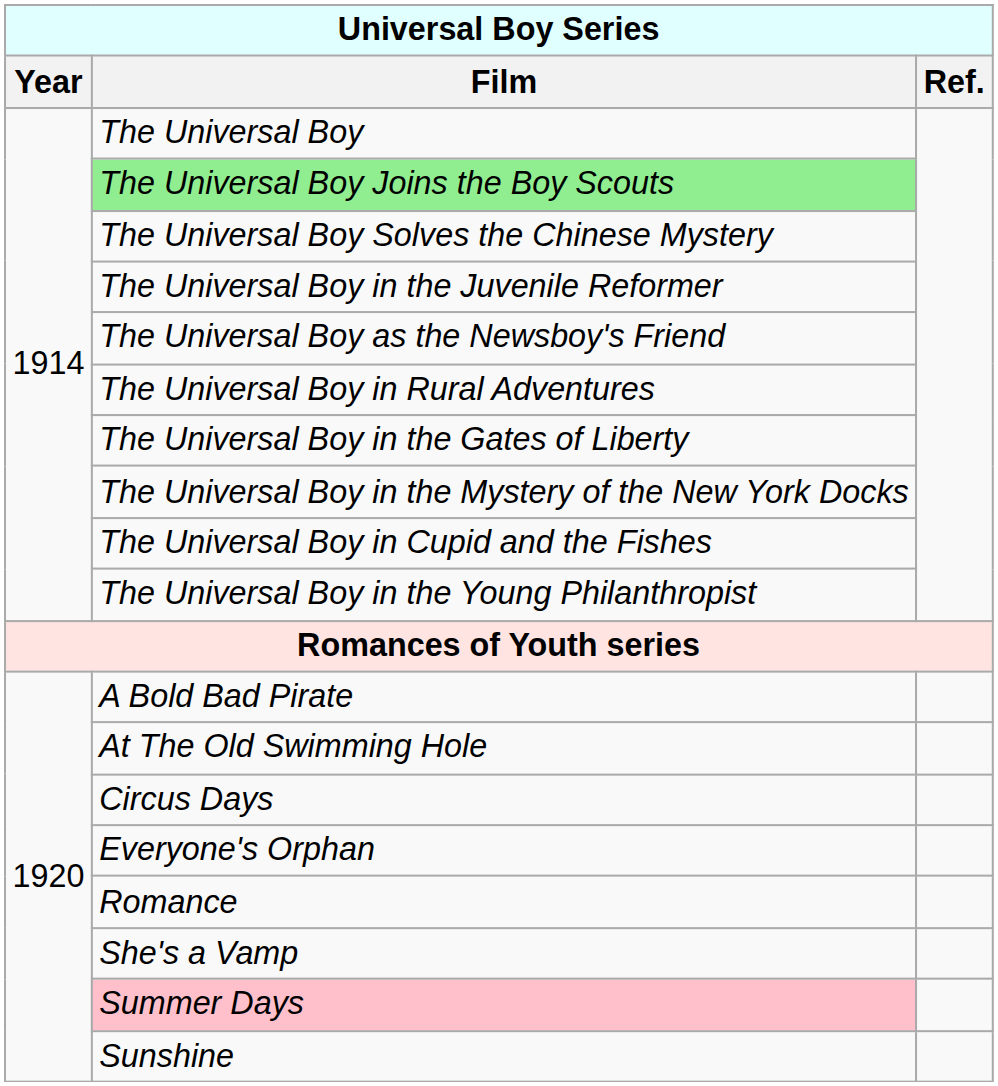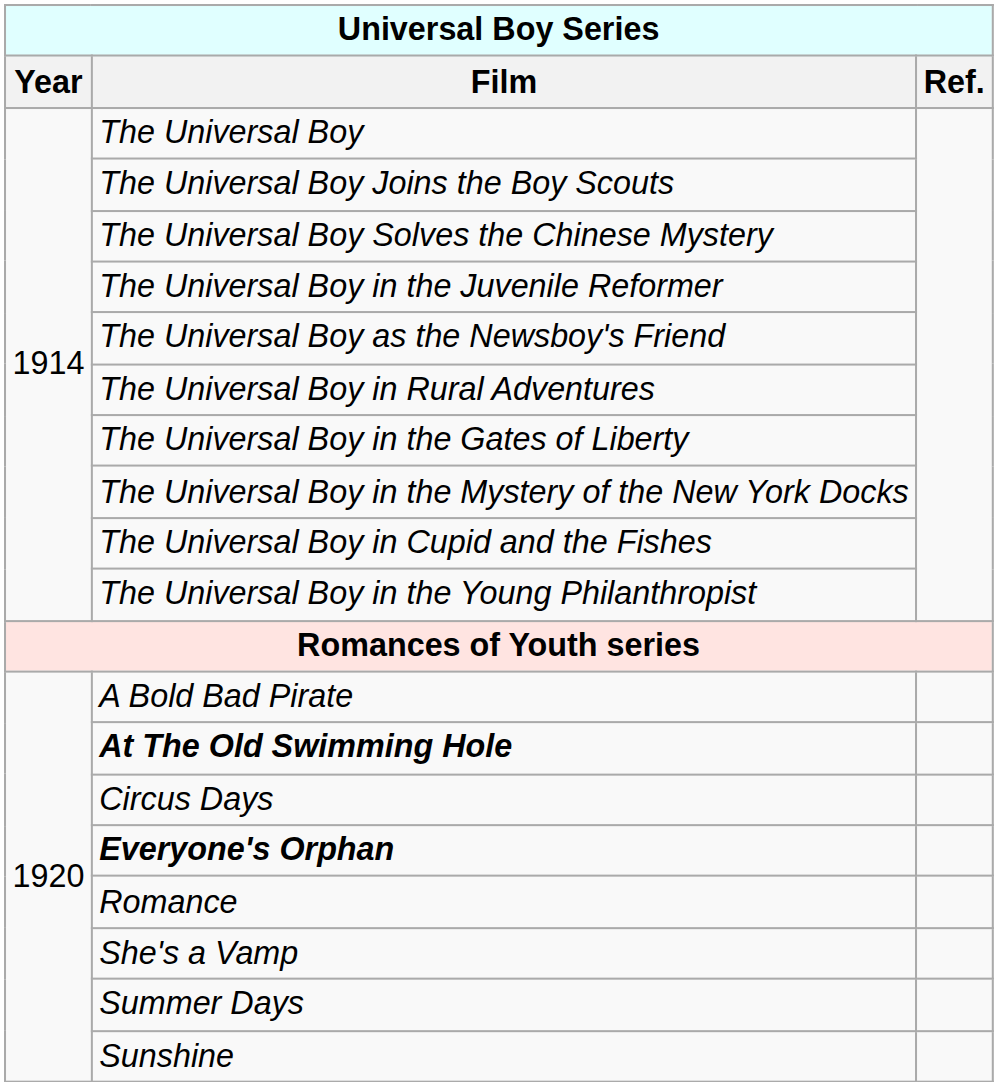 <table class="wikitable">
 <tr>
 <th colspan=3 style="background-color: #E0FFFF;">Universal Boy Series</th>
 </tr>
 <tr>
 <th>Year</th>
 <th>Film</th>
 <th>Ref.</th>
 </tr>
 <tr>
 <td rowspan=10>1914</td>
 <td><em>The Universal Boy</em></td>
 <td rowspan=10 style="text-align: center;"></td>
 </tr>
 <tr>
-<td style="background: lightgreen;"><em>The Universal Boy Joins the Boy Scouts</em></td>
+<td><em>The Universal Boy Joins the Boy Scouts</em></td>
 </tr>
 <tr>
 <td><em>The Universal Boy Solves the Chinese Mystery</em></td>
 </tr>
 <tr>
 <td><em>The Universal Boy in the Juvenile Reformer</em></td>
 </tr>
 <tr>
 <td><em>The Universal Boy as the Newsboy's Friend</em></td>
 </tr>
 <tr>
 <td><em>The Universal Boy in Rural Adventures</em></td>
 </tr>
 <tr>
 <td><em>The Universal Boy in the Gates of Liberty</em></td>
 </tr>
 <tr>
 <td><em>The Universal Boy in the Mystery of the New York Docks</em></td>
 </tr>
 <tr>
 <td><em>The Universal Boy in Cupid and the Fishes</em></td>
 </tr>
 <tr>
 <td><em>The Universal Boy in the Young Philanthropist</em></td>
 </tr>
 <tr>
 <th colspan=3 style="background-color: #FFE4E1;">Romances of Youth series</th>
 </tr>
 <tr>
 <td rowspan=8>1920</td>
 <td><em>A Bold Bad Pirate</em></td>
 <td style="text-align: center;"></td>
 </tr>
 <tr>
-<td><em>At The Old Swimming Hole</em></td>
+<td><strong><em>At The Old Swimming Hole</em></strong></td>
 <td style="text-align: center;"></td>
 </tr>
 <tr>
 <td><em>Circus Days</em></td>
 <td style="text-align: center;"></td>
 </tr>
 <tr>
-<td><em>Everyone's Orphan</em></td>
+<td><strong><em>Everyone's Orphan</em></strong></td>
 <td style="text-align: center;"></td>
 </tr>
 <tr>
 <td><em>Romance</em></td>
 <td style="text-align: center;"></td>
 </tr>
 <tr>
 <td><em>She's a Vamp</em></td>
 <td style="text-align: center;"></td>
 </tr>
 <tr>
-<td style="background: pink;"><em>Summer Days</em></td>
+<td><em>Summer Days</em></td>
 <td style="text-align: center;"></td>
 </tr>
 <tr>
 <td><em>Sunshine</em></td>
 <td style="text-align: center;"></td>
 </tr>
 </table>
